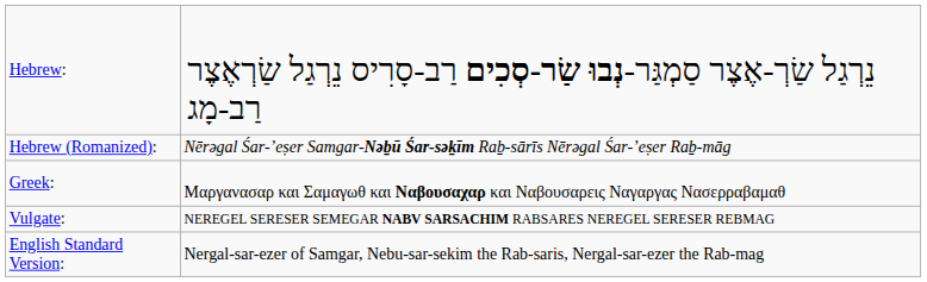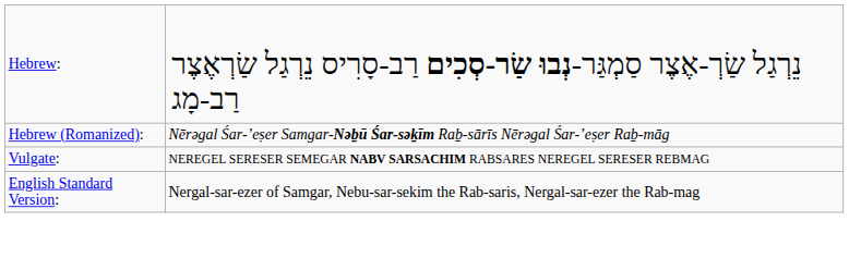 <table border="1" class="wikitable" style="margin: 1em auto 1em auto">
 <tr>
 <td><a href='#'>Hebrew</a>:</td>
 <td style="font-size:200%;font-family:'SBL Hebrew', David, Narkisim, 'Times New Roman'"><br>נֵרְגַל שַׂרְ-אֶצֶר סַמְגַּר-<strong>נְבוּ שַׂר-סְכִים</strong> רַב-סָרִיס נֵרְגַל שַׂרְאֶצֶר רַב-מָג</td>
 </tr>
 <tr>
 <td><a href='#'>Hebrew (Romanized)</a>:</td>
 <td><em>Nērəgal Śar-’eṣer Samgar-<strong>Nəḇū Śar-səḵīm</strong> Raḇ-sārīs Nērəgal Śar-’eṣer Raḇ-māg</em></td>
 </tr>
 <tr>
-<td><a href='#'>Greek</a>:</td>
-<td><br>Μαργανασαρ και Σαμαγωθ και <strong>Ναβουσαχαρ</strong> και Ναβουσαρεις Ναγαργας Νασερραβαμαθ</td>
-</tr>
-<tr>
 <td><a href='#'>Vulgate</a>:</td>
 <td><small>NEREGEL SERESER SEMEGAR <strong>NABV SARSACHIM</strong> RABSARES NEREGEL SERESER REBMAG</small></td>
 </tr>
 <tr>
 <td><a href='#'>English Standard Version</a>:</td>
 <td>Nergal-sar-ezer of Samgar, Nebu-sar-sekim the Rab-saris, Nergal-sar-ezer the Rab-mag</td>
 </tr>
 </table>
